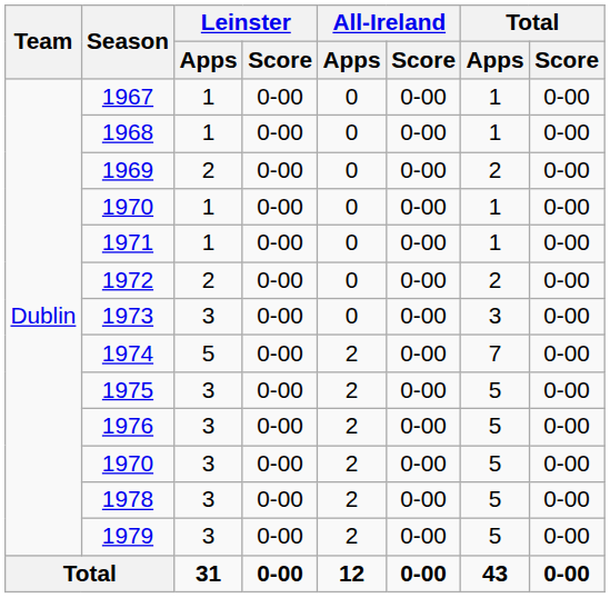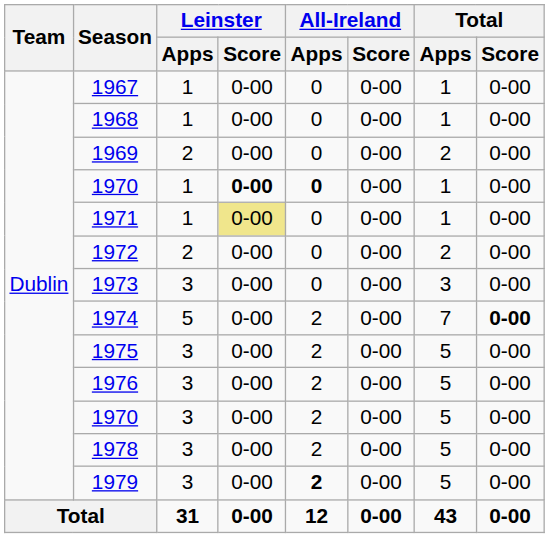 <table class="wikitable" style="text-align:center">
 <tr>
 <th rowspan="2">Team</th>
 <th rowspan="2">Season</th>
 <th colspan="2"><a href='#'>Leinster</a></th>
 <th colspan="2"><a href='#'>All-Ireland</a></th>
 <th colspan="2">Total</th>
 </tr>
 <tr>
 <th>Apps</th>
 <th>Score</th>
 <th>Apps</th>
 <th>Score</th>
 <th>Apps</th>
 <th>Score</th>
 </tr>
 <tr>
 <td rowspan="13"><a href='#'>Dublin</a></td>
 <td><a href='#'>1967</a></td>
 <td>1</td>
 <td>0-00</td>
 <td>0</td>
 <td>0-00</td>
 <td>1</td>
 <td>0-00</td>
 </tr>
 <tr>
 <td><a href='#'>1968</a></td>
 <td>1</td>
 <td>0-00</td>
 <td>0</td>
 <td>0-00</td>
 <td>1</td>
 <td>0-00</td>
 </tr>
 <tr>
 <td><a href='#'>1969</a></td>
 <td>2</td>
 <td>0-00</td>
 <td>0</td>
 <td>0-00</td>
 <td>2</td>
 <td>0-00</td>
 </tr>
 <tr>
 <td><a href='#'>1970</a></td>
 <td>1</td>
-<td>0-00</td>
-<td>0</td>
+<td><strong>0-00</strong></td>
+<td><strong>0</strong></td>
 <td>0-00</td>
 <td>1</td>
 <td>0-00</td>
 </tr>
 <tr>
 <td><a href='#'>1971</a></td>
 <td>1</td>
-<td>0-00</td>
+<td style="background: khaki;">0-00</td>
 <td>0</td>
 <td>0-00</td>
 <td>1</td>
 <td>0-00</td>
 </tr>
 <tr>
 <td><a href='#'>1972</a></td>
 <td>2</td>
 <td>0-00</td>
 <td>0</td>
 <td>0-00</td>
 <td>2</td>
 <td>0-00</td>
 </tr>
 <tr>
 <td><a href='#'>1973</a></td>
 <td>3</td>
 <td>0-00</td>
 <td>0</td>
 <td>0-00</td>
 <td>3</td>
 <td>0-00</td>
 </tr>
 <tr>
 <td><a href='#'>1974</a></td>
 <td>5</td>
 <td>0-00</td>
 <td>2</td>
 <td>0-00</td>
 <td>7</td>
-<td>0-00</td>
+<td><strong>0-00</strong></td>
 </tr>
 <tr>
 <td><a href='#'>1975</a></td>
 <td>3</td>
 <td>0-00</td>
 <td>2</td>
 <td>0-00</td>
 <td>5</td>
 <td>0-00</td>
 </tr>
 <tr>
 <td><a href='#'>1976</a></td>
 <td>3</td>
 <td>0-00</td>
 <td>2</td>
 <td>0-00</td>
 <td>5</td>
 <td>0-00</td>
 </tr>
 <tr>
 <td><a href='#'>1970</a></td>
 <td>3</td>
 <td>0-00</td>
 <td>2</td>
 <td>0-00</td>
 <td>5</td>
 <td>0-00</td>
 </tr>
 <tr>
 <td><a href='#'>1978</a></td>
 <td>3</td>
 <td>0-00</td>
 <td>2</td>
 <td>0-00</td>
 <td>5</td>
 <td>0-00</td>
 </tr>
 <tr>
 <td><a href='#'>1979</a></td>
 <td>3</td>
 <td>0-00</td>
-<td>2</td>
+<td><strong>2</strong></td>
 <td>0-00</td>
 <td>5</td>
 <td>0-00</td>
 </tr>
 <tr>
 <th colspan="2">Total</th>
 <td><strong>31</strong></td>
 <td><strong>0-00</strong></td>
 <td><strong>12</strong></td>
 <td><strong>0-00</strong></td>
 <td><strong>43</strong></td>
 <td><strong>0-00</strong></td>
 </tr>
 </table>
